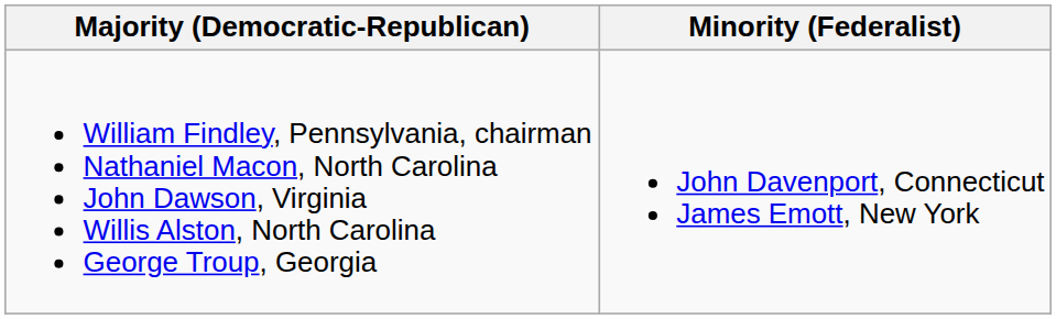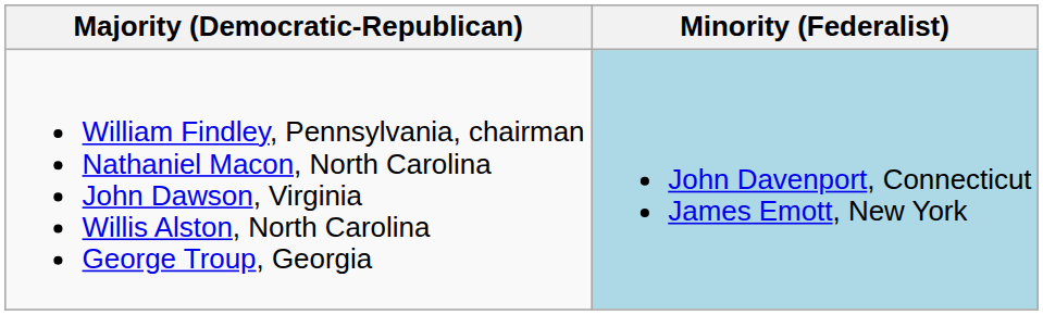 <table class=wikitable>
 <tr>
 <th>Majority (Democratic-Republican)</th>
 <th>Minority (Federalist)</th>
 </tr>
 <tr>
 <td><br><ul><li><a href='#'>William Findley</a>, Pennsylvania, chairman</li><li><a href='#'>Nathaniel Macon</a>, North Carolina</li><li><a href='#'>John Dawson</a>, Virginia</li><li><a href='#'>Willis Alston</a>, North Carolina</li><li><a href='#'>George Troup</a>, Georgia</li></ul></td>
-<td><br><ul><li><a href='#'>John Davenport</a>, Connecticut</li><li><a href='#'>James Emott</a>, New York</li></ul></td>
+<td style="background: lightblue;"><br><ul><li><a href='#'>John Davenport</a>, Connecticut</li><li><a href='#'>James Emott</a>, New York</li></ul></td>
 </tr>
 </table>
